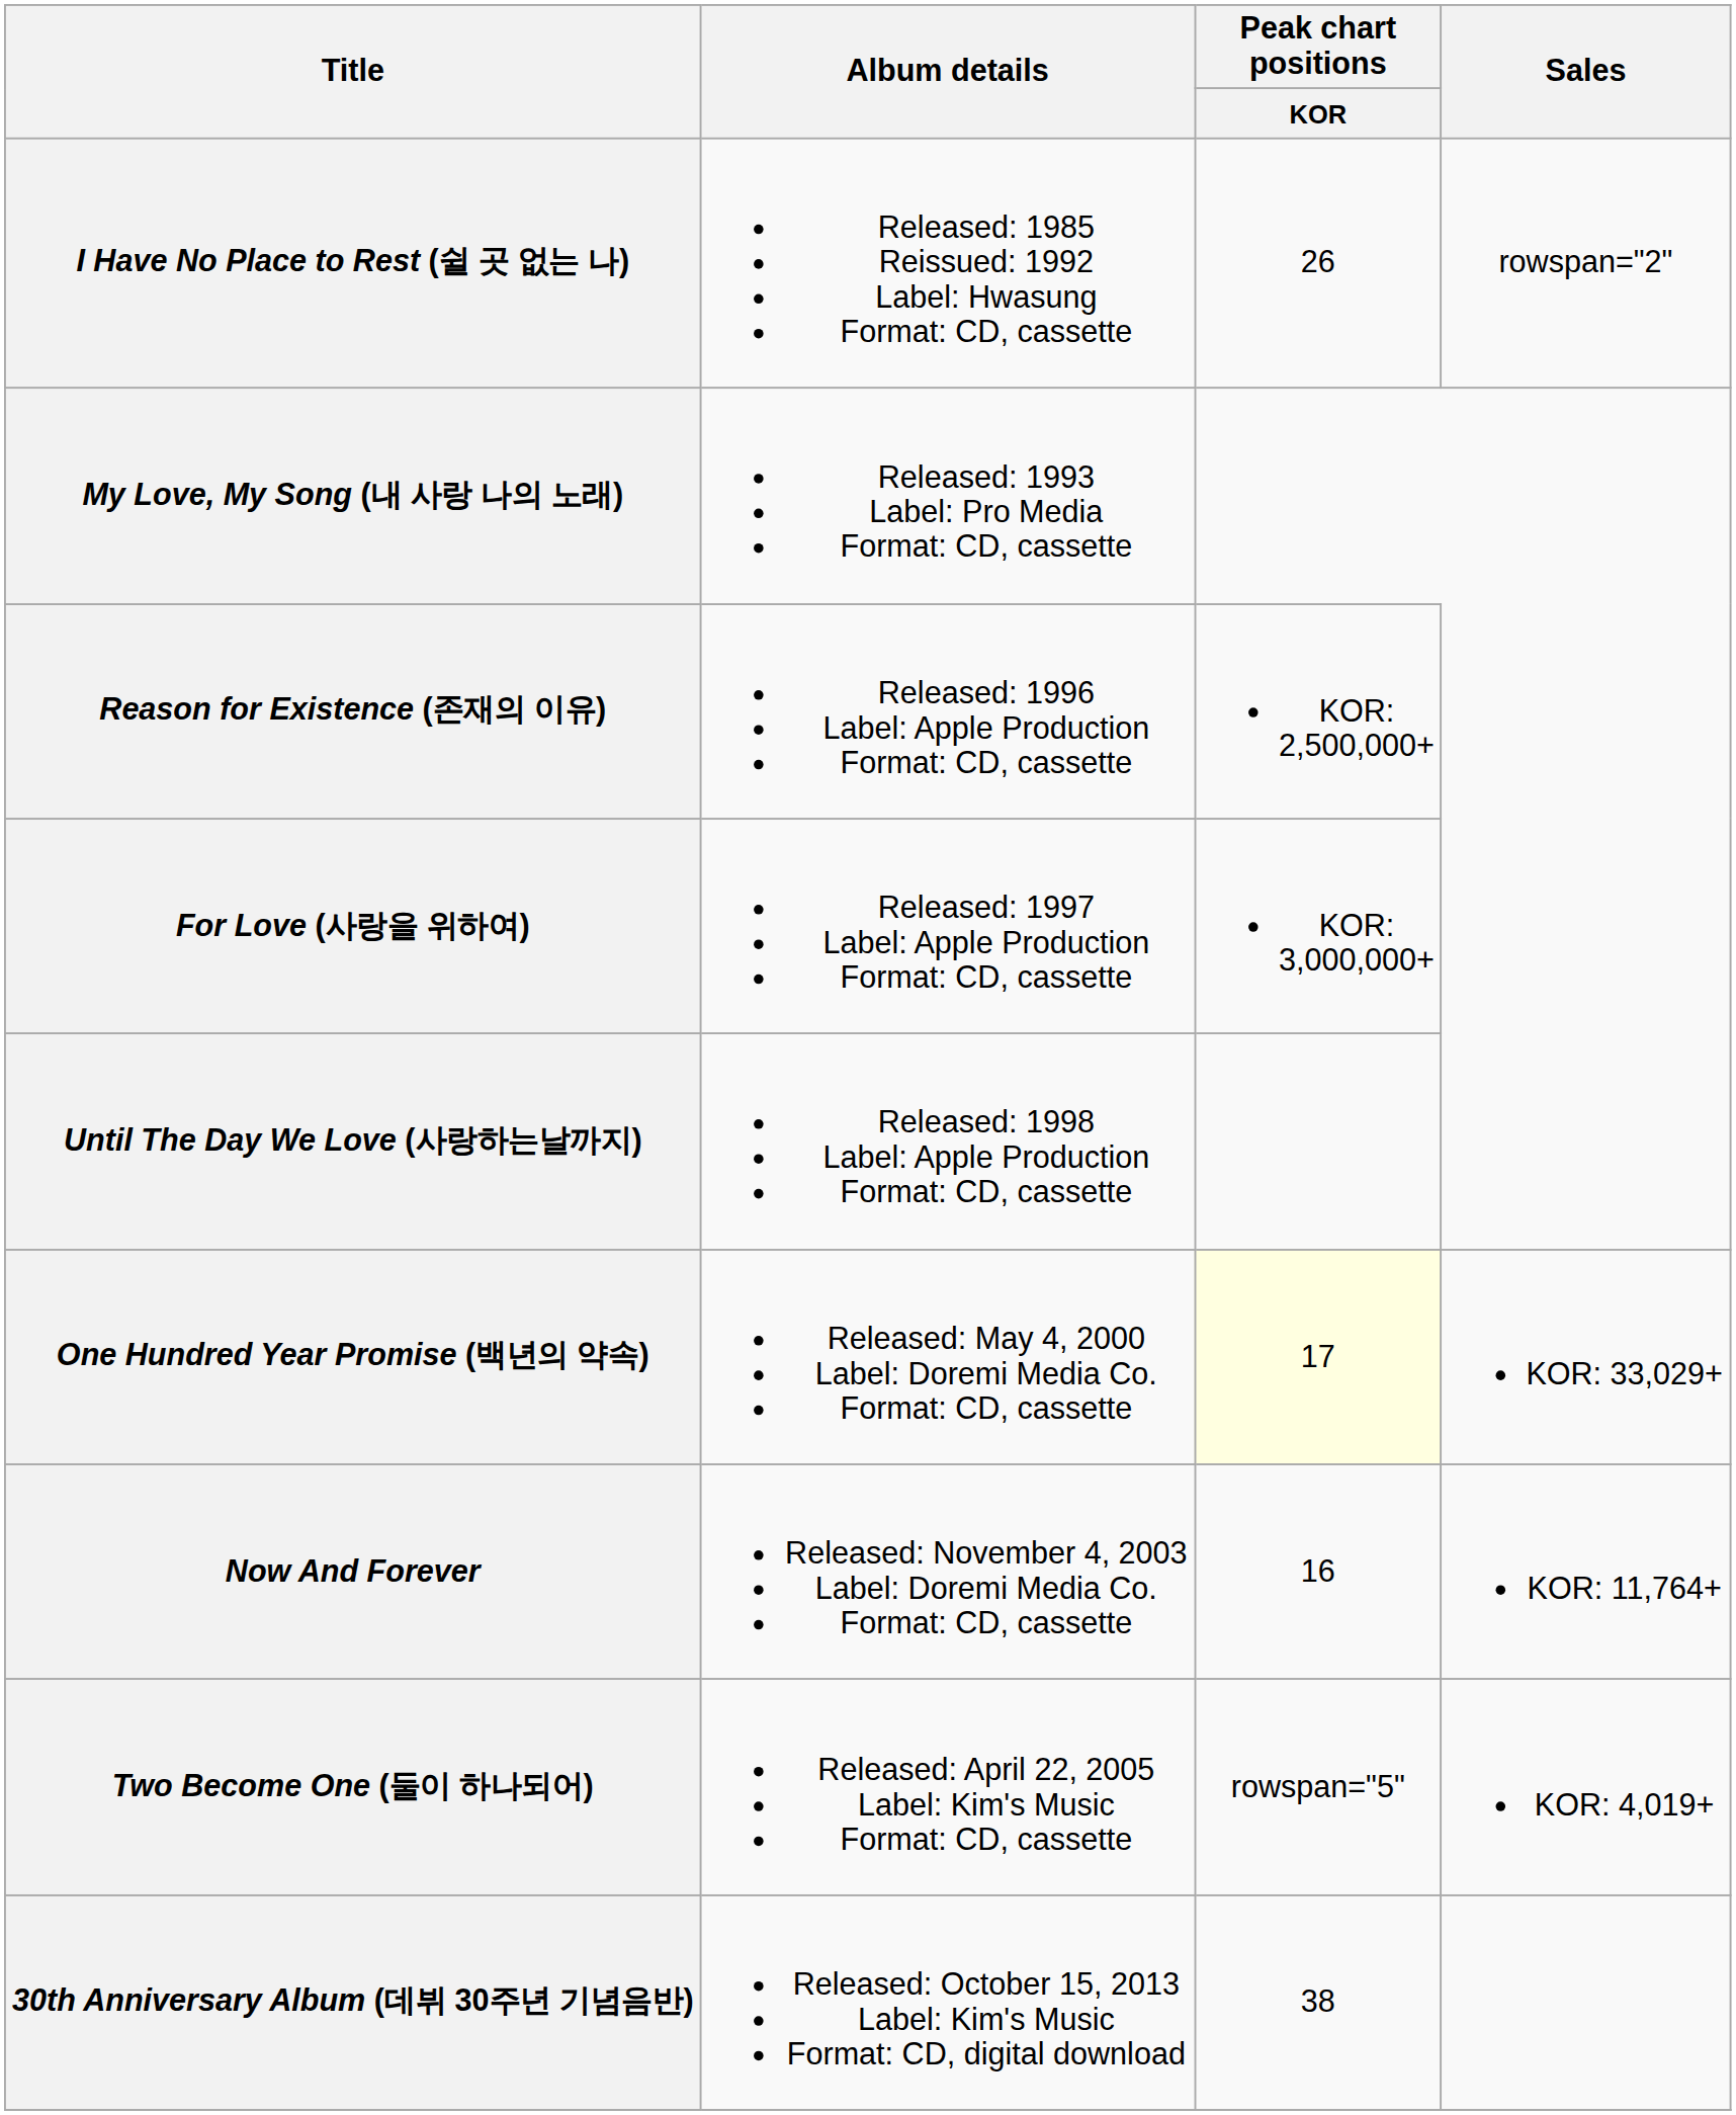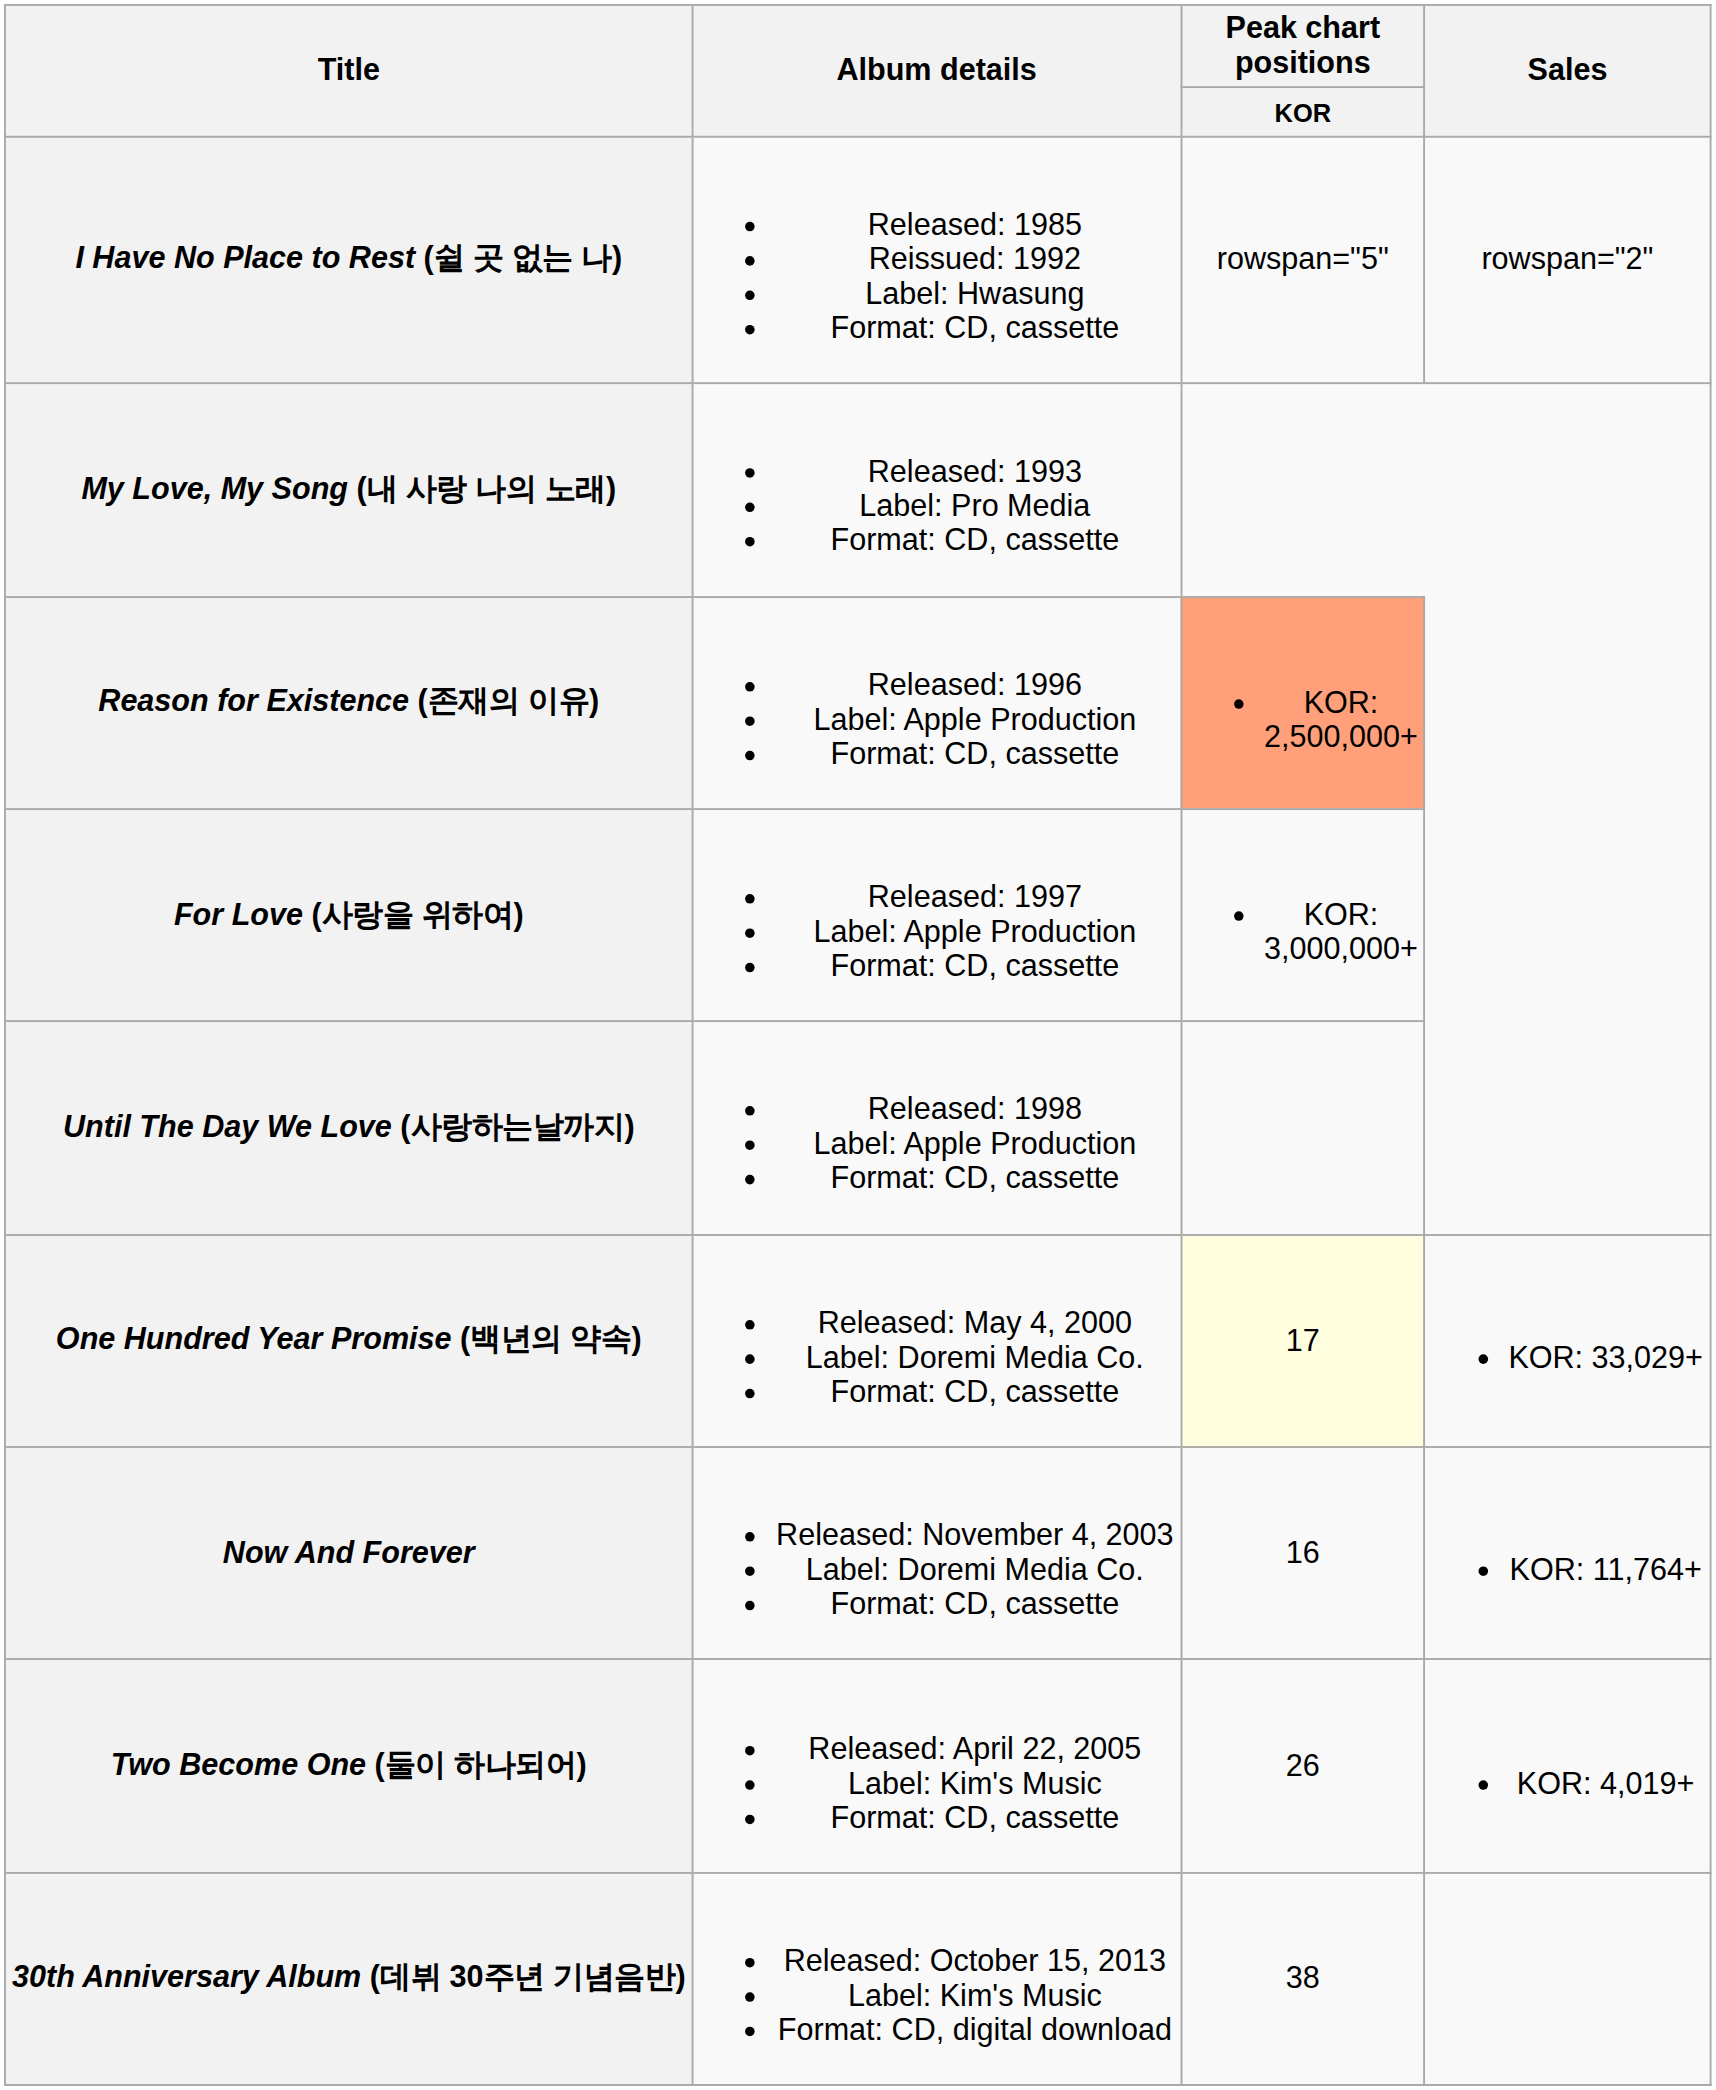 <table class="wikitable plainrowheaders" style="text-align:center;">
 <tr>
 <th rowspan="2" scope="col">Title</th>
 <th rowspan="2" scope="col">Album details</th>
 <th colspan="1" scope="col" style="width:5em;">Peak chart positions</th>
 <th rowspan="2" scope="col">Sales</th>
 </tr>
 <tr>
 <th><small>KOR</small><br></th>
 </tr>
 <tr>
 <th scope="row"><em>I Have No Place to Rest</em> (쉴 곳 없는 나)</th>
 <td><br><ul><li>Released: 1985</li><li>Reissued: 1992</li><li>Label: Hwasung</li><li>Format: CD, cassette</li></ul></td>
-<td>26</td>
+<td>rowspan="5" </td>
 <td>rowspan="2" </td>
 </tr>
 <tr>
 <th scope="row"><em>My Love, My Song</em> (내 사랑 나의 노래)</th>
 <td><br><ul><li>Released: 1993</li><li>Label: Pro Media</li><li>Format: CD, cassette</li></ul></td>
 </tr>
 <tr>
 <th scope="row"><em>Reason for Existence</em> (존재의 이유)</th>
 <td><br><ul><li>Released: 1996</li><li>Label: Apple Production</li><li>Format: CD, cassette</li></ul></td>
-<td><br><ul><li>KOR: 2,500,000+</li></ul></td>
+<td style="background: lightsalmon;"><br><ul><li>KOR: 2,500,000+</li></ul></td>
 </tr>
 <tr>
 <th scope="row"><em>For Love</em> (사랑을 위하여)</th>
 <td><br><ul><li>Released: 1997</li><li>Label: Apple Production</li><li>Format: CD, cassette</li></ul></td>
 <td><br><ul><li>KOR: 3,000,000+</li></ul></td>
 </tr>
 <tr>
 <th scope="row"><em>Until The Day We Love</em> (사랑하는날까지)</th>
 <td><br><ul><li>Released: 1998</li><li>Label: Apple Production</li><li>Format: CD, cassette</li></ul></td>
 <td></td>
 </tr>
 <tr>
 <th scope="row"><em>One Hundred Year Promise</em> (백년의 약속)</th>
 <td><br><ul><li>Released: May 4, 2000</li><li>Label: Doremi Media Co.</li><li>Format: CD, cassette</li></ul></td>
 <td style="background: lightyellow;">17</td>
 <td><br><ul><li>KOR: 33,029+</li></ul></td>
 </tr>
 <tr>
 <th scope="row"><em>Now And Forever</em></th>
 <td><br><ul><li>Released: November 4, 2003</li><li>Label: Doremi Media Co.</li><li>Format: CD, cassette</li></ul></td>
 <td>16</td>
 <td><br><ul><li>KOR: 11,764+</li></ul></td>
 </tr>
 <tr>
 <th scope="row"><em>Two Become One</em> (둘이 하나되어)</th>
 <td><br><ul><li>Released: April 22, 2005</li><li>Label: Kim's Music</li><li>Format: CD, cassette</li></ul></td>
-<td>rowspan="5" </td>
+<td>26</td>
 <td><br><ul><li>KOR: 4,019+</li></ul></td>
 </tr>
 <tr>
 <th scope="row"><em>30th Anniversary Album</em> (데뷔 30주년 기념음반)</th>
 <td><br><ul><li>Released: October 15, 2013</li><li>Label: Kim's Music</li><li>Format: CD, digital download</li></ul></td>
 <td>38</td>
 <td></td>
 </tr>
 <tr>
 </tr>
 </table>
